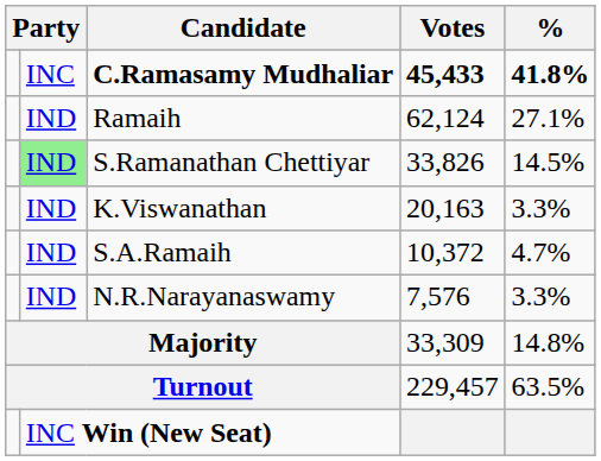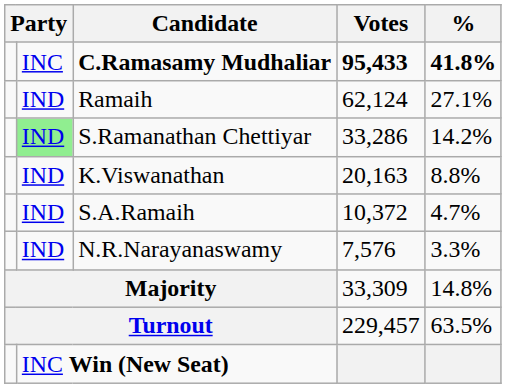 <table class="wikitable">
 <tr>
 <th colspan="2">Party</th>
 <th>Candidate</th>
 <th>Votes</th>
 <th>%</th>
 </tr>
 <tr>
 <td></td>
 <td><a href='#'>INC</a></td>
 <td><strong>C.Ramasamy Mudhaliar</strong></td>
-<td><strong>45,433</strong></td>
+<td><strong>95,433</strong></td>
 <td><strong>41.8%</strong></td>
 </tr>
 <tr>
 <td></td>
 <td><a href='#'>IND</a></td>
 <td>Ramaih</td>
 <td>62,124</td>
 <td>27.1%</td>
 </tr>
 <tr>
 <td></td>
 <td style="background: lightgreen;"><a href='#'>IND</a></td>
 <td>S.Ramanathan Chettiyar</td>
-<td>33,826</td>
-<td>14.5%</td>
+<td>33,286</td>
+<td>14.2%</td>
 </tr>
 <tr>
 <td></td>
 <td><a href='#'>IND</a></td>
 <td>K.Viswanathan</td>
 <td>20,163</td>
-<td>3.3%</td>
+<td>8.8%</td>
 </tr>
 <tr>
 <td></td>
 <td><a href='#'>IND</a></td>
 <td>S.A.Ramaih</td>
 <td>10,372</td>
 <td>4.7%</td>
 </tr>
 <tr>
 <td></td>
 <td><a href='#'>IND</a></td>
 <td>N.R.Narayanaswamy</td>
 <td>7,576</td>
 <td>3.3%</td>
 </tr>
 <tr>
 <th colspan="3">Majority</th>
 <td>33,309</td>
 <td>14.8%</td>
 </tr>
 <tr>
 <th colspan="3"><a href='#'>Turnout</a></th>
 <td>229,457</td>
 <td>63.5%</td>
 </tr>
 <tr>
 <td></td>
 <td colspan="2"><a href='#'>INC</a> <strong>Win (New Seat)</strong></td>
 <th></th>
 <th></th>
 </tr>
 </table>
